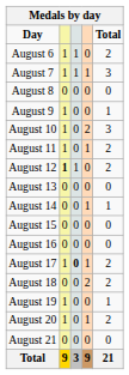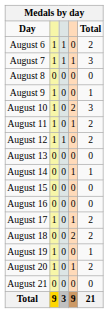 <table class="wikitable" style="font-size:85%; float:right">
 <tr align=center>
 <th colspan=7>Medals by day</th>
 </tr>
 <tr align=center>
 <td><strong>Day</strong></td>
 <td style="background:#f7f6a8;"></td>
 <td style="background:#dce5e5;"></td>
 <td style="background:#ffdab9;"></td>
 <td><strong>Total</strong></td>
 </tr>
 <tr align=center>
 <td>August 6</td>
 <td style="background:#f7f6a8;">1</td>
 <td style="background:#dce5e5;">1</td>
 <td style="background:#ffdab9;">0</td>
 <td>2</td>
 </tr>
 <tr align=center>
 <td>August 7</td>
 <td style="background:#f7f6a8;">1</td>
 <td style="background:#dce5e5;">1</td>
 <td style="background:#ffdab9;">1</td>
 <td>3</td>
 </tr>
 <tr align=center>
 <td>August 8</td>
 <td style="background:#f7f6a8;">0</td>
 <td style="background:#dce5e5;">0</td>
 <td style="background:#ffdab9;">0</td>
 <td>0</td>
 </tr>
 <tr align=center>
 <td>August 9</td>
 <td style="background:#f7f6a8;">1</td>
 <td style="background:#dce5e5;">0</td>
 <td style="background:#ffdab9;">0</td>
 <td>1</td>
 </tr>
 <tr align=center>
 <td>August 10</td>
 <td style="background:#f7f6a8;">1</td>
 <td style="background:#dce5e5;">0</td>
 <td style="background:#ffdab9;">2</td>
 <td>3</td>
 </tr>
 <tr align=center>
 <td>August 11</td>
 <td style="background:#f7f6a8;">1</td>
 <td style="background:#dce5e5;">0</td>
 <td style="background:#ffdab9;">1</td>
 <td>2</td>
 </tr>
 <tr align=center>
 <td>August 12</td>
-<td style="background:#f7f6a8;"><strong>1</strong></td>
+<td style="background:#f7f6a8;">1</td>
 <td style="background:#dce5e5;">1</td>
 <td style="background:#ffdab9;">0</td>
 <td>2</td>
 </tr>
 <tr align=center>
 <td>August 13</td>
 <td style="background:#f7f6a8;">0</td>
 <td style="background:#dce5e5;">0</td>
 <td style="background:#ffdab9;">0</td>
 <td>0</td>
 </tr>
 <tr align=center>
 <td>August 14</td>
 <td style="background:#f7f6a8;">0</td>
 <td style="background:#dce5e5;">0</td>
 <td style="background:#ffdab9;">1</td>
 <td>1</td>
 </tr>
 <tr align=center>
 <td>August 15</td>
 <td style="background:#f7f6a8;">0</td>
 <td style="background:#dce5e5;">0</td>
 <td style="background:#ffdab9;">0</td>
 <td>0</td>
 </tr>
 <tr align=center>
 <td>August 16</td>
 <td style="background:#f7f6a8;">0</td>
 <td style="background:#dce5e5;">0</td>
 <td style="background:#ffdab9;">0</td>
 <td>0</td>
 </tr>
 <tr align=center>
 <td>August 17</td>
 <td style="background:#f7f6a8;">1</td>
-<td style="background:#dce5e5;"><strong>0</strong></td>
+<td style="background:#dce5e5;">0</td>
 <td style="background:#ffdab9;">1</td>
 <td>2</td>
 </tr>
 <tr align=center>
 <td>August 18</td>
 <td style="background:#f7f6a8;">0</td>
 <td style="background:#dce5e5;">0</td>
 <td style="background:#ffdab9;">2</td>
 <td>2</td>
 </tr>
 <tr align=center>
 <td>August 19</td>
 <td style="background:#f7f6a8;">1</td>
 <td style="background:#dce5e5;">0</td>
 <td style="background:#ffdab9;">0</td>
 <td>1</td>
 </tr>
 <tr align=center>
 <td>August 20</td>
 <td style="background:#f7f6a8;">1</td>
 <td style="background:#dce5e5;">0</td>
 <td style="background:#ffdab9;">1</td>
 <td>2</td>
 </tr>
 <tr align=center>
 <td>August 21</td>
 <td style="background:#f7f6a8;">0</td>
 <td style="background:#dce5e5;">0</td>
 <td style="background:#ffdab9;">0</td>
 <td>0</td>
 </tr>
 <tr align=center>
 <th>Total</th>
 <th style="background:gold;">9</th>
 <th style="background:silver;">3</th>
 <th style="background:#c96;">9</th>
 <th>21</th>
 </tr>
 </table>
